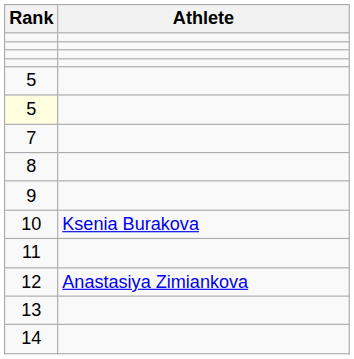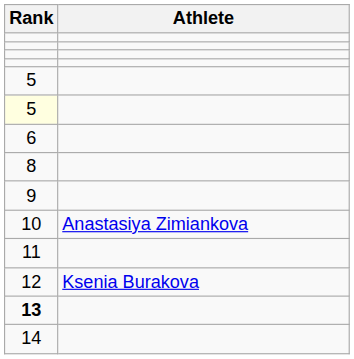 <table class="wikitable" style="text-align: center;">
 <tr>
 <th width=40>Rank</th>
 <th width=250>Athlete</th>
 </tr>
 <tr>
 <td></td>
 <td align="left"></td>
 </tr>
 <tr>
 <td></td>
 <td align="left"></td>
 </tr>
 <tr>
 <td></td>
 <td align="left"></td>
 </tr>
 <tr>
 <td></td>
 <td align="left"></td>
 </tr>
 <tr>
 <td>5</td>
 <td align="left"></td>
 </tr>
 <tr>
 <td style="background: lightyellow;">5</td>
 <td align="left"></td>
 </tr>
 <tr>
-<td>7</td>
+<td>6</td>
 <td align="left"></td>
 </tr>
 <tr>
 <td>8</td>
 <td align="left"></td>
 </tr>
 <tr>
 <td>9</td>
 <td align="left"></td>
 </tr>
 <tr>
 <td>10</td>
-<td align="left"> <a href='#'>Ksenia Burakova</a> </td>
+<td align="left"> <a href='#'>Anastasiya Zimiankova</a> </td>
 </tr>
 <tr>
 <td>11</td>
 <td align="left"></td>
 </tr>
 <tr>
 <td>12</td>
-<td align="left"> <a href='#'>Anastasiya Zimiankova</a> </td>
+<td align="left"> <a href='#'>Ksenia Burakova</a> </td>
 </tr>
 <tr>
-<td>13</td>
+<td><strong>13</strong></td>
 <td align="left"></td>
 </tr>
 <tr>
 <td>14</td>
 <td align="left"></td>
 </tr>
 </table>
